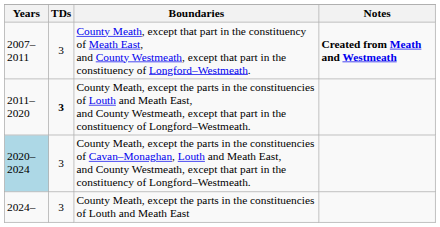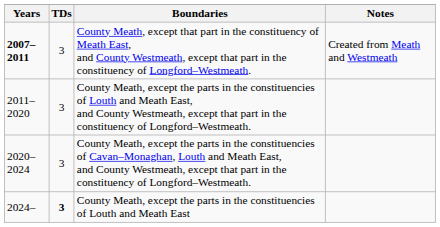 <table class="wikitable">
 <tr bgcolor="green">
 </tr>
 <tr>
 <th>Years</th>
 <th>TDs</th>
 <th>Boundaries</th>
 <th>Notes</th>
 </tr>
 <tr>
-<td>2007–2011</td>
+<td><strong>2007–2011</strong></td>
 <td align="center">3</td>
 <td><a href='#'>County Meath</a>, except that part in the constituency of <a href='#'>Meath East</a>,<br>and <a href='#'>County Westmeath</a>, except that part in the constituency of <a href='#'>Longford–Westmeath</a>.</td>
-<td><strong>Created from <a href='#'>Meath</a> and <a href='#'>Westmeath</a></strong></td>
+<td>Created from <a href='#'>Meath</a> and <a href='#'>Westmeath</a></td>
 </tr>
 <tr>
 <td>2011–2020</td>
-<td align="center"><strong>3</strong></td>
+<td align="center">3</td>
 <td>County Meath, except the parts in the constituencies of <a href='#'>Louth</a> and Meath East,<br>and County Westmeath, except that part in the constituency of Longford–Westmeath.</td>
 <td></td>
 </tr>
 <tr>
-<td style="background: lightblue;">2020–2024</td>
+<td>2020–2024</td>
 <td align="center">3</td>
 <td>County Meath, except the parts in the constituencies of <a href='#'>Cavan–Monaghan</a>, <a href='#'>Louth</a> and Meath East,<br>and County Westmeath, except that part in the constituency of Longford–Westmeath.</td>
 <td></td>
 </tr>
 <tr>
 <td>2024–</td>
-<td align="center">3</td>
+<td align="center"><strong>3</strong></td>
 <td>County Meath, except the parts in the constituencies of Louth and Meath East</td>
 <td></td>
 </tr>
 </table>
